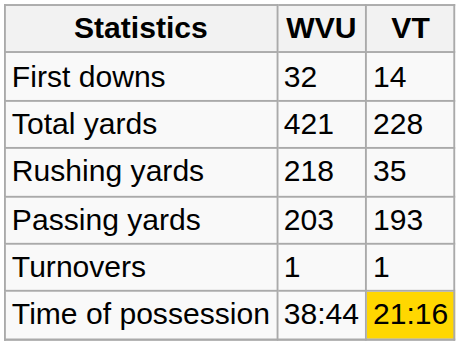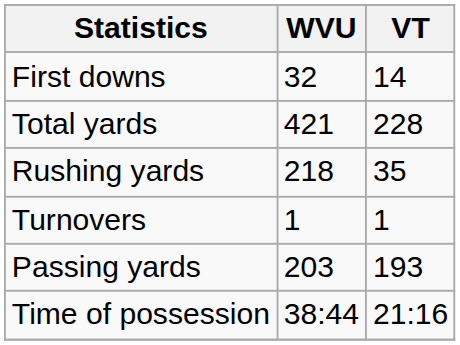 <table class="wikitable" style="float: left;">
 <tr>
 <th>Statistics</th>
 <th>WVU</th>
 <th>VT</th>
 </tr>
 <tr>
 <td>First downs</td>
 <td>32</td>
 <td>14</td>
 </tr>
 <tr>
 <td>Total yards</td>
 <td>421</td>
 <td>228</td>
 </tr>
 <tr>
 <td>Rushing yards</td>
 <td>218</td>
 <td>35</td>
 </tr>
 <tr>
+<td>Turnovers</td>
+<td>1</td>
+<td>1</td>
+</tr>
+<tr>
 <td>Passing yards</td>
 <td>203</td>
 <td>193</td>
 </tr>
 <tr>
-<td>Turnovers</td>
-<td>1</td>
-<td>1</td>
-</tr>
-<tr>
 <td>Time of possession</td>
 <td>38:44</td>
-<td style="background: gold;">21:16</td>
+<td>21:16</td>
 </tr>
 <tr>
 </tr>
 </table>
